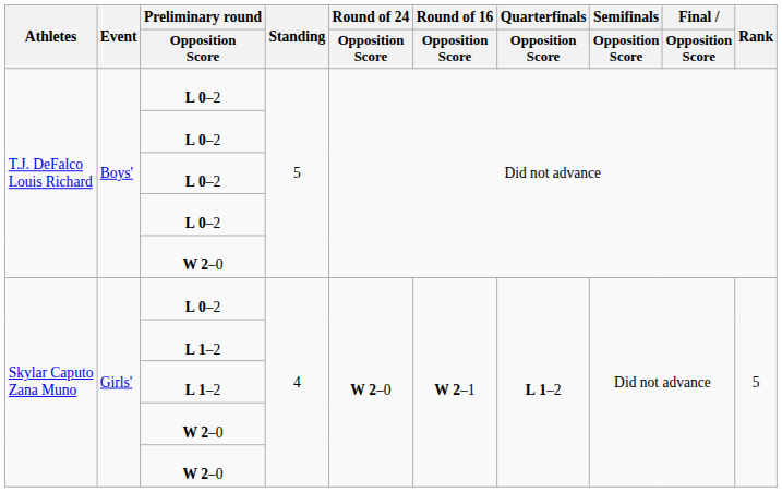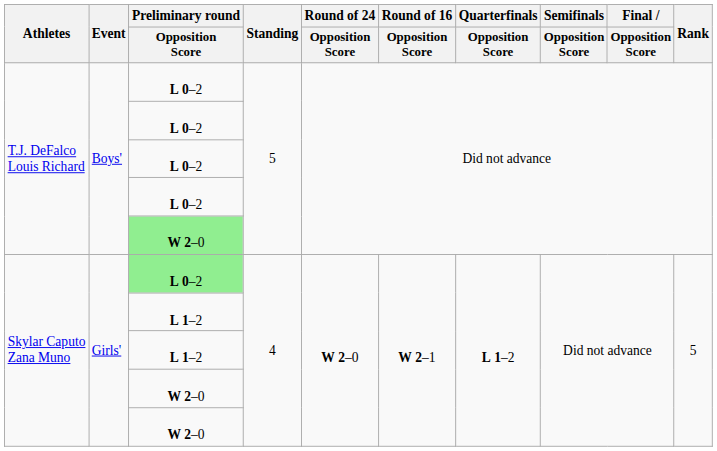 <table class=wikitable style="font-size:90%">
 <tr>
 <th rowspan="2">Athletes</th>
 <th rowspan="2">Event</th>
 <th>Preliminary round</th>
 <th rowspan="2">Standing</th>
 <th>Round of 24</th>
 <th>Round of 16</th>
 <th>Quarterfinals</th>
 <th>Semifinals</th>
 <th>Final / </th>
 <th rowspan=2>Rank</th>
 </tr>
 <tr style="font-size:95%">
 <th>Opposition<br>Score</th>
 <th>Opposition<br>Score</th>
 <th>Opposition<br>Score</th>
 <th>Opposition<br>Score</th>
 <th>Opposition<br>Score</th>
 <th>Opposition<br>Score</th>
 </tr>
 <tr align=center>
 <td align=left rowspan=5><a href='#'>T.J. DeFalco</a><br><a href='#'>Louis Richard</a></td>
 <td align=left rowspan=5><a href='#'>Boys'</a></td>
 <td><br><strong>L</strong>  <strong>0</strong>–2</td>
 <td rowspan=5>5</td>
 <td rowspan=5 colspan=6>Did not advance</td>
 </tr>
 <tr align=center>
 <td><br><strong>L</strong>  <strong>0</strong>–2</td>
 </tr>
 <tr align=center>
 <td><br><strong>L</strong>  <strong>0</strong>–2</td>
 </tr>
 <tr align=center>
 <td><br><strong>L</strong>  <strong>0</strong>–2</td>
 </tr>
 <tr align=center>
-<td><br><strong>W</strong>  <strong>2</strong>–0</td>
+<td style="background: lightgreen;"><br><strong>W</strong>  <strong>2</strong>–0</td>
 </tr>
 <tr align=center>
 <td align=left rowspan=5><a href='#'>Skylar Caputo</a><br><a href='#'>Zana Muno</a></td>
 <td align=left rowspan=5><a href='#'>Girls'</a></td>
-<td><br><strong>L</strong>  <strong>0</strong>–2</td>
+<td style="background: lightgreen;"><br><strong>L</strong>  <strong>0</strong>–2</td>
 <td rowspan=5>4</td>
 <td rowspan=5><br><strong>W</strong>  <strong>2</strong>–0</td>
 <td rowspan=5><br><strong>W</strong>  <strong>2</strong>–1</td>
 <td rowspan=5><br><strong>L</strong>  <strong>1</strong>–2</td>
 <td rowspan=5 colspan=2>Did not advance</td>
 <td rowspan=5>5</td>
 </tr>
 <tr align=center>
 <td><br><strong>L</strong>  <strong>1</strong>–2</td>
 </tr>
 <tr align=center>
 <td><br><strong>L</strong>  <strong>1</strong>–2</td>
 </tr>
 <tr align=center>
 <td><br><strong>W</strong>  <strong>2</strong>–0</td>
 </tr>
 <tr align=center>
 <td><br><strong>W</strong>  <strong>2</strong>–0</td>
 </tr>
 </table>
